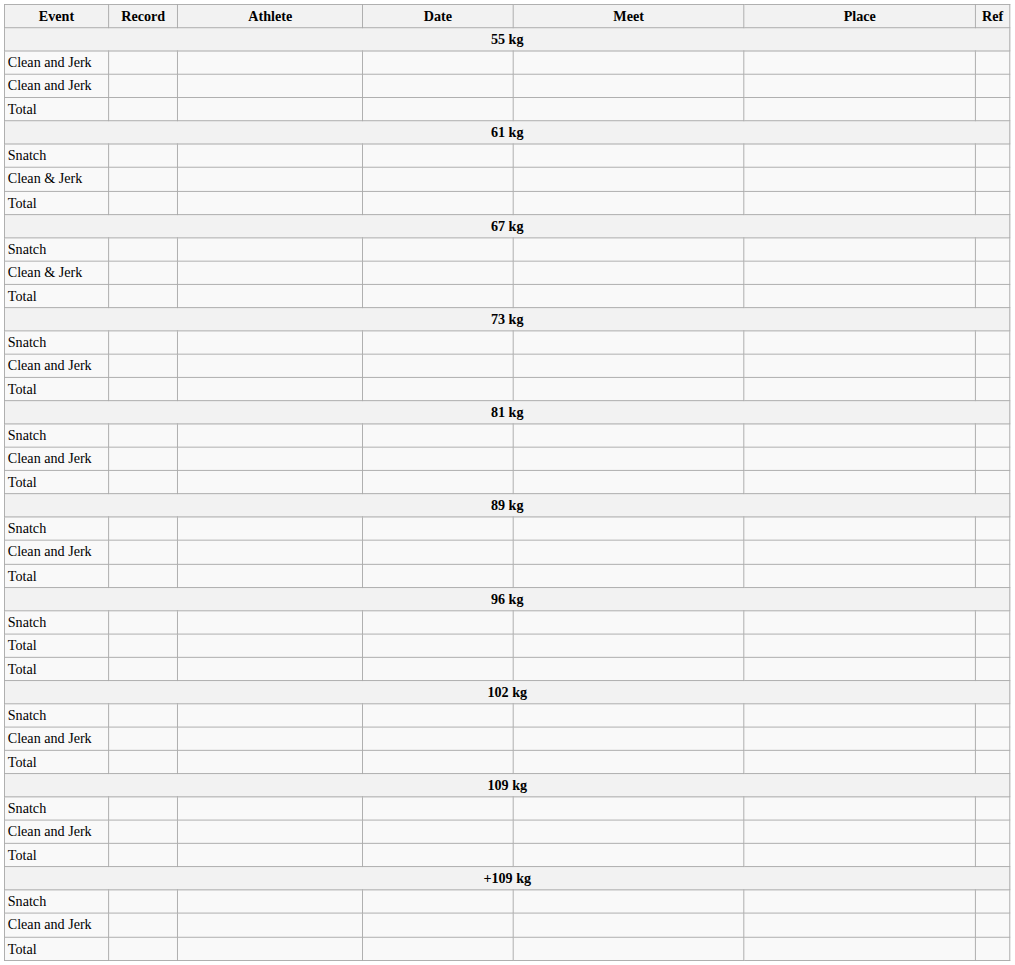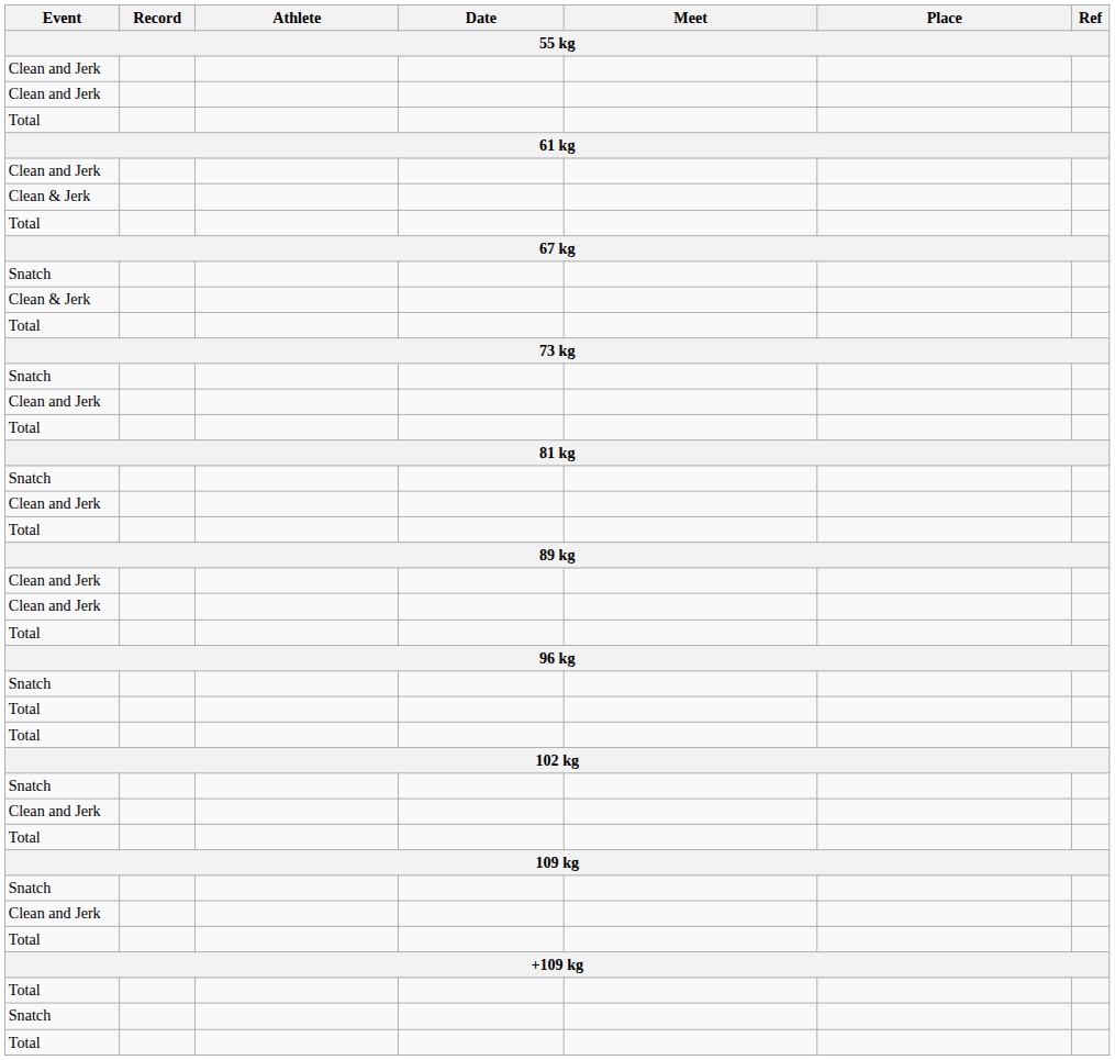 <table class="wikitable" style="font-size:95%;">
 <tr>
 <th width=9%>Event</th>
 <th width=6%>Record</th>
 <th width=16%>Athlete</th>
 <th width=13%>Date</th>
 <th width=20%>Meet</th>
 <th width=20%>Place</th>
 <th width=3%>Ref</th>
 </tr>
 <tr bgcolor="#DDDDDD">
 <th colspan="7">55 kg</th>
 </tr>
 <tr>
 <td>Clean and Jerk</td>
 <td align="center"></td>
 <td></td>
 <td></td>
 <td></td>
 <td></td>
 <td></td>
 </tr>
 <tr>
 <td>Clean and Jerk</td>
 <td align="center"></td>
 <td></td>
 <td></td>
 <td></td>
 <td></td>
 <td></td>
 </tr>
 <tr>
 <td>Total</td>
 <td align="center"></td>
 <td></td>
 <td></td>
 <td></td>
 <td></td>
 <td></td>
 </tr>
 <tr bgcolor="#DDDDDD">
 <th colspan="7">61 kg</th>
 </tr>
 <tr>
-<td>Snatch</td>
+<td>Clean and Jerk</td>
 <td align="center"></td>
 <td></td>
 <td></td>
 <td></td>
 <td></td>
 <td></td>
 </tr>
 <tr>
 <td>Clean & Jerk</td>
 <td align="center"></td>
 <td></td>
 <td></td>
 <td></td>
 <td></td>
 <td></td>
 </tr>
 <tr>
 <td>Total</td>
 <td align="center"></td>
 <td></td>
 <td></td>
 <td></td>
 <td></td>
 <td></td>
 </tr>
 <tr bgcolor="#DDDDDD">
 <th colspan="7">67 kg</th>
 </tr>
 <tr>
 <td>Snatch</td>
 <td align="center"></td>
 <td></td>
 <td></td>
 <td></td>
 <td></td>
 <td></td>
 </tr>
 <tr>
 <td>Clean & Jerk</td>
 <td align="center"></td>
 <td></td>
 <td></td>
 <td></td>
 <td></td>
 <td></td>
 </tr>
 <tr>
 <td>Total</td>
 <td align="center"></td>
 <td></td>
 <td></td>
 <td></td>
 <td></td>
 <td></td>
 </tr>
 <tr bgcolor="#DDDDDD">
 <th colspan="7">73 kg</th>
 </tr>
 <tr>
 <td>Snatch</td>
 <td align="center"></td>
 <td></td>
 <td></td>
 <td></td>
 <td></td>
 <td></td>
 </tr>
 <tr>
 <td>Clean and Jerk</td>
 <td align="center"></td>
 <td></td>
 <td></td>
 <td></td>
 <td></td>
 <td></td>
 </tr>
 <tr>
 <td>Total</td>
 <td align="center"></td>
 <td></td>
 <td></td>
 <td></td>
 <td></td>
 <td></td>
 </tr>
 <tr bgcolor="#DDDDDD">
 <th colspan="7">81 kg</th>
 </tr>
 <tr>
 <td>Snatch</td>
 <td align="center"></td>
 <td></td>
 <td></td>
 <td></td>
 <td></td>
 <td></td>
 </tr>
 <tr>
 <td>Clean and Jerk</td>
 <td align="center"></td>
 <td></td>
 <td></td>
 <td></td>
 <td></td>
 <td></td>
 </tr>
 <tr>
 <td>Total</td>
 <td align="center"></td>
 <td></td>
 <td></td>
 <td></td>
 <td></td>
 <td></td>
 </tr>
 <tr bgcolor="#DDDDDD">
 <th colspan="7">89 kg</th>
 </tr>
 <tr>
-<td>Snatch</td>
+<td>Clean and Jerk</td>
 <td align="center"></td>
 <td></td>
 <td></td>
 <td></td>
 <td></td>
 <td></td>
 </tr>
 <tr>
 <td>Clean and Jerk</td>
 <td align="center"></td>
 <td></td>
 <td></td>
 <td></td>
 <td></td>
 <td></td>
 </tr>
 <tr>
 <td>Total</td>
 <td align="center"></td>
 <td></td>
 <td></td>
 <td></td>
 <td></td>
 <td></td>
 </tr>
 <tr bgcolor="#DDDDDD">
 <th colspan="7">96 kg</th>
 </tr>
 <tr>
 <td>Snatch</td>
 <td align="center"></td>
 <td></td>
 <td></td>
 <td></td>
 <td></td>
 <td></td>
 </tr>
 <tr>
 <td>Total</td>
 <td align="center"></td>
 <td></td>
 <td></td>
 <td></td>
 <td></td>
 <td></td>
 </tr>
 <tr>
 <td>Total</td>
 <td align="center"></td>
 <td></td>
 <td></td>
 <td></td>
 <td></td>
 <td></td>
 </tr>
 <tr bgcolor="#DDDDDD">
 <th colspan="7">102 kg</th>
 </tr>
 <tr>
 <td>Snatch</td>
 <td align="center"></td>
 <td></td>
 <td></td>
 <td></td>
 <td></td>
 <td></td>
 </tr>
 <tr>
 <td>Clean and Jerk</td>
 <td align="center"></td>
 <td></td>
 <td></td>
 <td></td>
 <td></td>
 <td></td>
 </tr>
 <tr>
 <td>Total</td>
 <td align="center"></td>
 <td></td>
 <td></td>
 <td></td>
 <td></td>
 <td></td>
 </tr>
 <tr bgcolor="#DDDDDD">
 <th colspan="7">109 kg</th>
 </tr>
 <tr>
 <td>Snatch</td>
 <td align="center"></td>
 <td></td>
 <td></td>
 <td></td>
 <td></td>
 <td></td>
 </tr>
 <tr>
 <td>Clean and Jerk</td>
 <td align="center"></td>
 <td></td>
 <td></td>
 <td></td>
 <td></td>
 <td></td>
 </tr>
 <tr>
 <td>Total</td>
 <td align="center"></td>
 <td></td>
 <td></td>
 <td></td>
 <td></td>
 <td></td>
 </tr>
 <tr bgcolor="#DDDDDD">
 <th colspan="7">+109 kg</th>
 </tr>
 <tr>
-<td>Snatch</td>
+<td>Total</td>
 <td align="center"></td>
 <td></td>
 <td></td>
 <td></td>
 <td></td>
 <td></td>
 </tr>
 <tr>
-<td>Clean and Jerk</td>
+<td>Snatch</td>
 <td align="center"></td>
 <td></td>
 <td></td>
 <td></td>
 <td></td>
 <td></td>
 </tr>
 <tr>
 <td>Total</td>
 <td align="center"></td>
 <td></td>
 <td></td>
 <td></td>
 <td></td>
 <td></td>
 </tr>
 </table>
